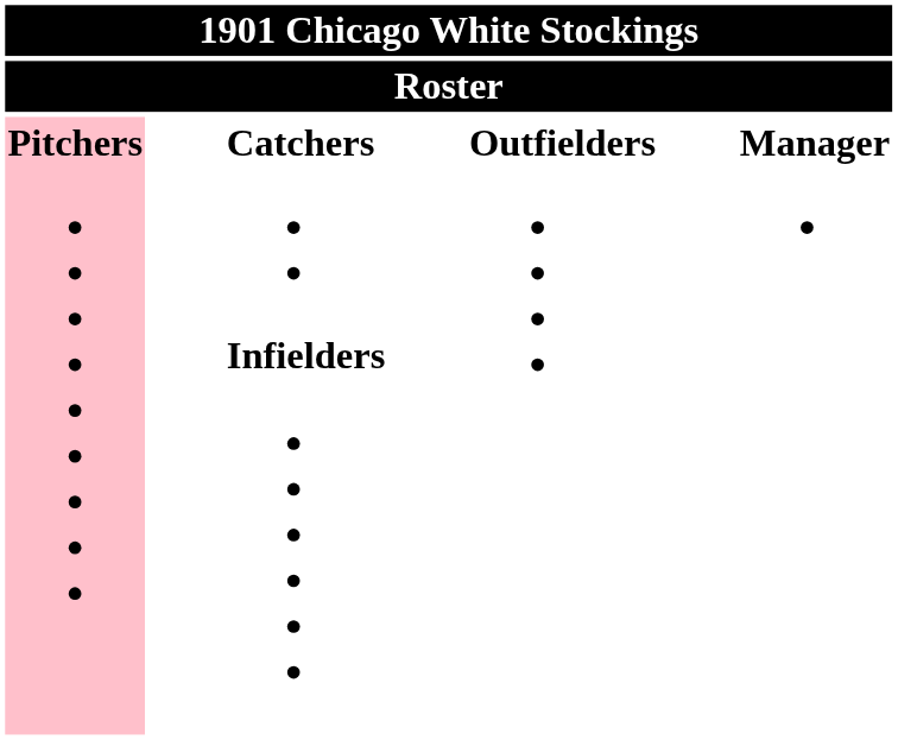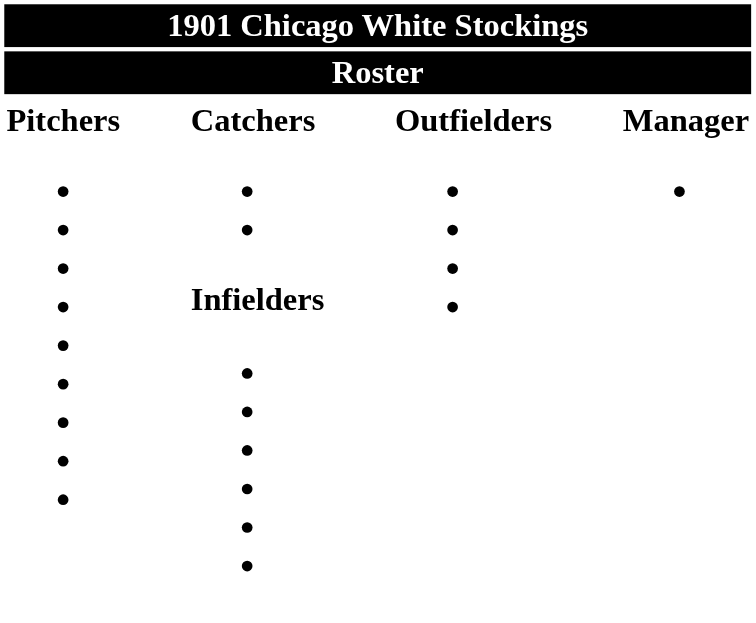 <table class="toccolours" style="font-size: 95%;">
 <tr>
 <th colspan="10" style="background-color: black; color: white; text-align: center;">1901 Chicago White Stockings</th>
 </tr>
 <tr>
 <td colspan="10" style="background-color: black; color: white; text-align: center;"><strong>Roster</strong></td>
 </tr>
 <tr>
-<td valign="top" style="background: pink;"><strong>Pitchers</strong><br><ul><li></li><li></li><li></li><li></li><li></li><li></li><li></li><li></li><li></li></ul></td>
+<td valign="top"><strong>Pitchers</strong><br><ul><li></li><li></li><li></li><li></li><li></li><li></li><li></li><li></li><li></li></ul></td>
 <td width="25px"></td>
 <td valign="top"><strong>Catchers</strong><br><ul><li></li><li></li></ul><strong>Infielders</strong><ul><li></li><li></li><li></li><li></li><li></li><li></li></ul></td>
 <td width="25px"></td>
 <td valign="top"><strong>Outfielders</strong><br><ul><li></li><li></li><li></li><li></li></ul></td>
 <td width="25px"></td>
 <td valign="top"><strong>Manager</strong><br><ul><li></li></ul></td>
 </tr>
 </table>
